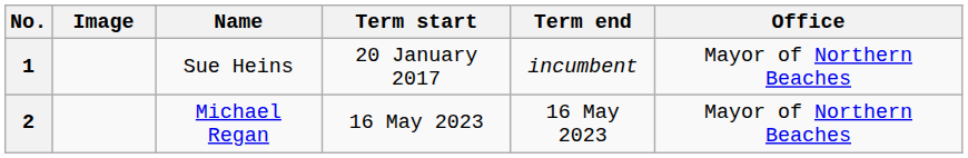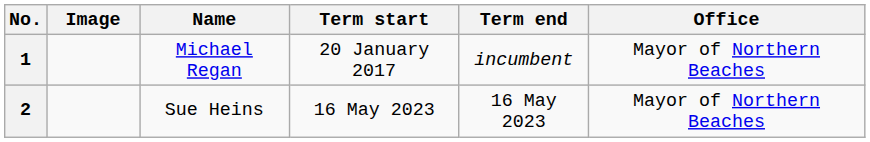 <table class="wikitable" style="text-align:center">
 <tr>
 <th>No.</th>
 <th width=60>Image</th>
 <th>Name</th>
 <th>Term start</th>
 <th>Term end</th>
 <th>Office</th>
 </tr>
 <tr>
 <th style="background:">1</th>
 <td align="center"></td>
-<td>Sue Heins</td>
+<td><a href='#'>Michael Regan</a></td>
 <td>20 January 2017</td>
 <td><em>incumbent</em></td>
 <td>Mayor of <a href='#'>Northern Beaches</a> <br> </td>
 </tr>
 <tr>
 <th style="background:">2</th>
 <td align="center"></td>
-<td><a href='#'>Michael Regan</a></td>
+<td>Sue Heins</td>
 <td>16 May 2023</td>
 <td>16 May 2023</td>
 <td>Mayor of <a href='#'>Northern Beaches</a> <br> </td>
 </tr>
 </table>
